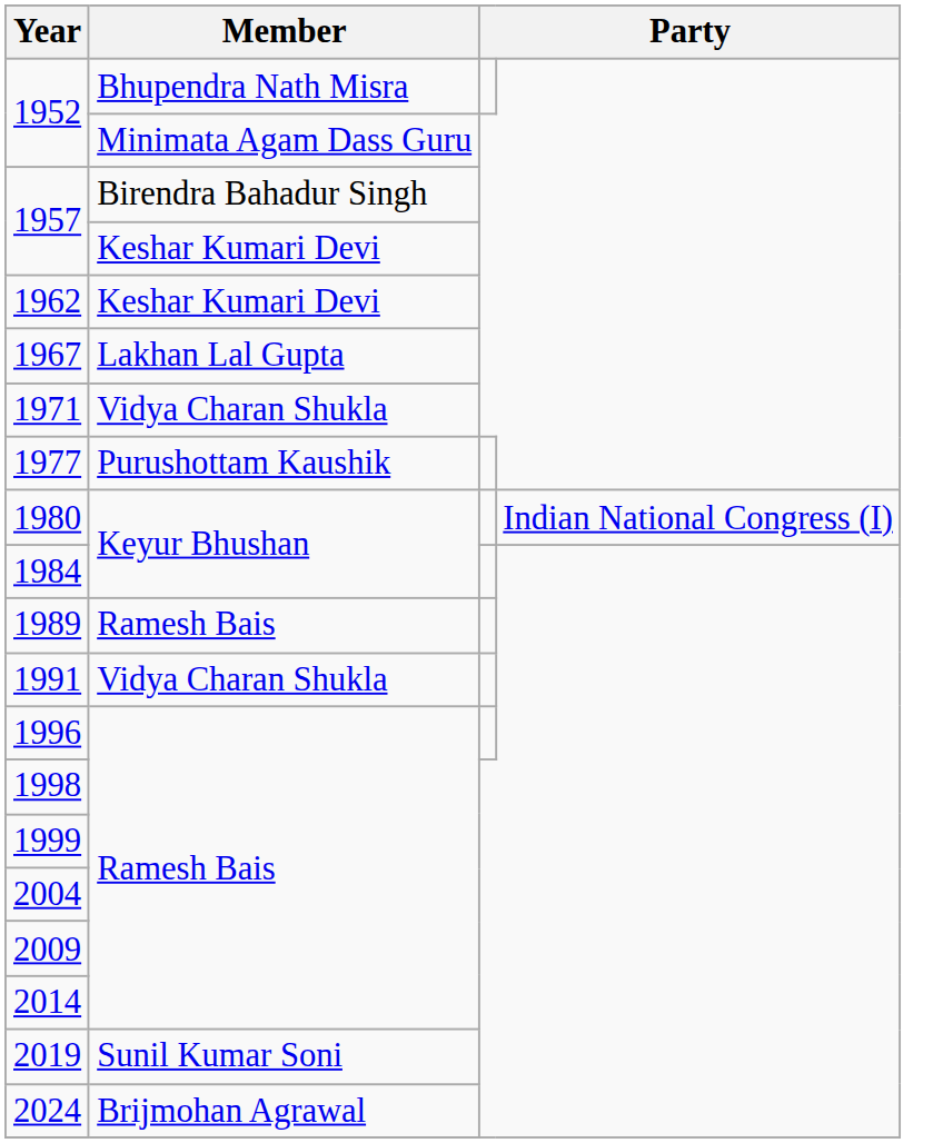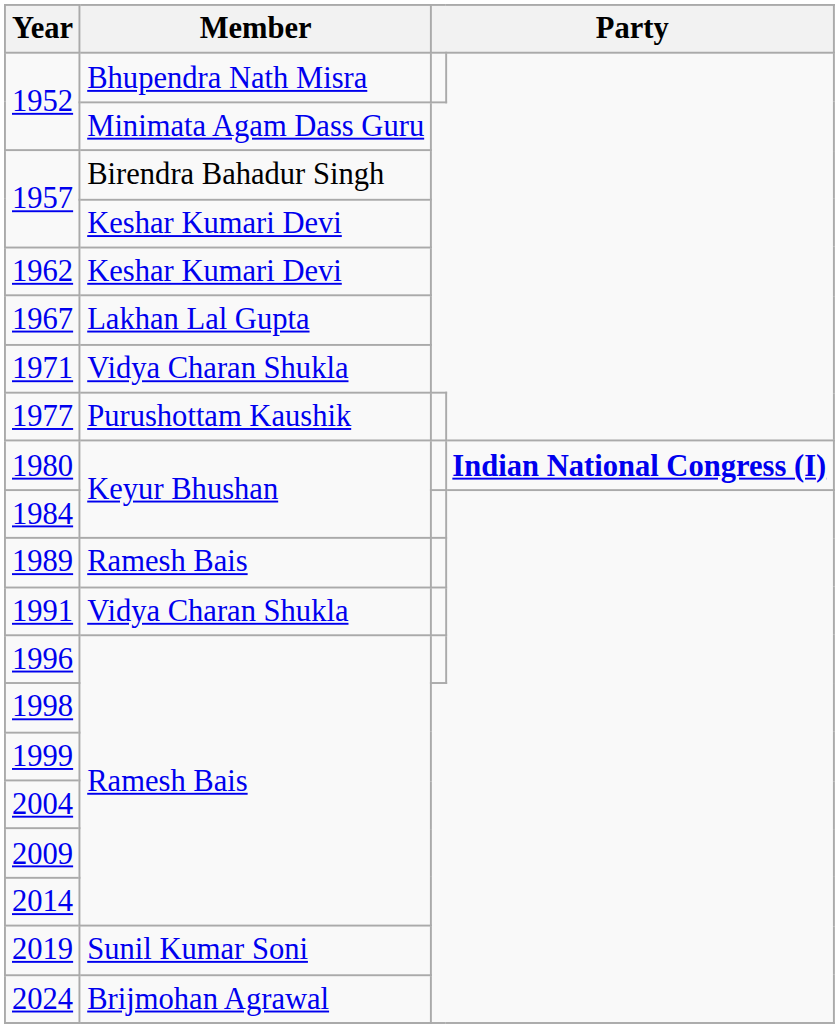 <table class="wikitable">
 <tr>
 <th>Year</th>
 <th>Member</th>
 <th colspan=2>Party</th>
 </tr>
 <tr>
 <td rowspan="2"><a href='#'>1952</a></td>
 <td><a href='#'>Bhupendra Nath Misra</a></td>
 <td></td>
 </tr>
 <tr>
 <td><a href='#'>Minimata Agam Dass Guru</a></td>
 </tr>
 <tr>
 <td rowspan="2"><a href='#'>1957</a></td>
 <td>Birendra Bahadur Singh</td>
 </tr>
 <tr>
 <td><a href='#'>Keshar Kumari Devi</a></td>
 </tr>
 <tr>
 <td><a href='#'>1962</a></td>
 <td><a href='#'>Keshar Kumari Devi</a>  </td>
 </tr>
 <tr>
 <td><a href='#'>1967</a></td>
 <td><a href='#'>Lakhan Lal Gupta</a></td>
 </tr>
 <tr>
 <td><a href='#'>1971</a></td>
 <td><a href='#'>Vidya Charan Shukla</a></td>
 </tr>
 <tr>
 <td><a href='#'>1977</a></td>
 <td><a href='#'>Purushottam Kaushik</a></td>
 <td></td>
 </tr>
 <tr>
 <td><a href='#'>1980</a></td>
 <td rowspan="2"><a href='#'>Keyur Bhushan</a></td>
 <td style="background-color: "></td>
-<td><a href='#'>Indian National Congress (I)</a></td>
+<td><strong><a href='#'>Indian National Congress (I)</a></strong></td>
 </tr>
 <tr>
 <td><a href='#'>1984</a></td>
 <td></td>
 </tr>
 <tr>
 <td><a href='#'>1989</a></td>
 <td><a href='#'>Ramesh Bais</a></td>
 <td></td>
 </tr>
 <tr>
 <td><a href='#'>1991</a></td>
 <td><a href='#'>Vidya Charan Shukla</a></td>
 <td></td>
 </tr>
 <tr>
 <td><a href='#'>1996</a></td>
 <td rowspan="6"><a href='#'>Ramesh Bais</a></td>
 <td></td>
 </tr>
 <tr>
 <td><a href='#'>1998</a></td>
 </tr>
 <tr>
 <td><a href='#'>1999</a></td>
 </tr>
 <tr>
 <td><a href='#'>2004</a></td>
 </tr>
 <tr>
 <td><a href='#'>2009</a></td>
 </tr>
 <tr>
 <td><a href='#'>2014</a></td>
 </tr>
 <tr>
 <td><a href='#'>2019</a></td>
 <td><a href='#'>Sunil Kumar Soni</a></td>
 </tr>
 <tr>
 <td><a href='#'>2024</a></td>
 <td><a href='#'>Brijmohan Agrawal</a></td>
 </tr>
 <tr>
 </tr>
 </table>
